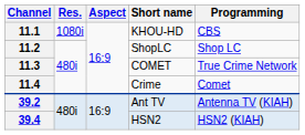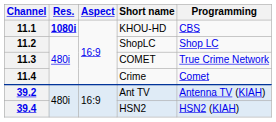 <table class="wikitable">
 <tr>
 <th scope = "col"><a href='#'>Channel</a></th>
 <th scope = "col"><a href='#'>Res.</a></th>
 <th scope = "col"><a href='#'>Aspect</a></th>
 <th scope = "col">Short name</th>
 <th scope = "col">Programming</th>
 </tr>
 <tr>
 <th scope="row">11.1</th>
-<td><a href='#'>1080i</a></td>
+<td><strong><a href='#'>1080i</a></strong></td>
 <td rowspan=4><a href='#'>16:9</a></td>
 <td>KHOU-HD</td>
 <td><a href='#'>CBS</a></td>
 </tr>
 <tr>
 <th scope="row">11.2</th>
 <td rowspan=3><a href='#'>480i</a></td>
 <td>ShopLC</td>
 <td><a href='#'>Shop LC</a></td>
 </tr>
 <tr>
 <th scope="row">11.3</th>
 <td>COMET</td>
 <td><a href='#'>True Crime Network</a></td>
 </tr>
 <tr>
 <th scope="row">11.4</th>
 <td>Crime</td>
 <td><a href='#'>Comet</a></td>
 </tr>
 <tr style="background-color:#DFEBF6; border-top: 2px solid #003399;">
 <th scope="row"><a href='#'>39.2</a></th>
 <td rowspan=2>480i</td>
 <td rowspan=2>16:9</td>
 <td>Ant TV</td>
 <td><a href='#'>Antenna TV</a> (<a href='#'>KIAH</a>)</td>
 </tr>
 <tr style="background-color:#DFEBF6;">
 <th scope="row"><a href='#'>39.4</a></th>
 <td>HSN2</td>
 <td><a href='#'>HSN2</a> (<a href='#'>KIAH</a>)</td>
 </tr>
 </table>
